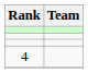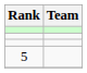 <table class="wikitable" style="text-align:center;">
 <tr>
 <th>Rank</th>
 <th>Team</th>
 </tr>
 <tr bgcolor=ccffcc>
 <td align=center></td>
 <td></td>
 </tr>
 <tr>
 <td align=center></td>
 <td></td>
 </tr>
 <tr>
 <td align=center></td>
 <td></td>
 </tr>
 <tr>
-<td align=center>4</td>
+<td align=center>5</td>
 <td></td>
 </tr>
 <tr>
 </tr>
 </table>
